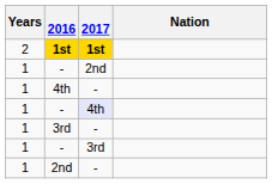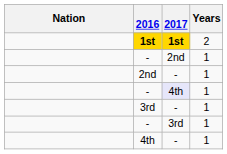 <table class="wikitable" style="text-align:center; font-size:90%">
 <tr>
-<th>Years</th>
+<th width=170>Nation</th>
 <th><br><a href='#'>2016</a></th>
 <th><br><a href='#'>2017</a></th>
-<th width=170>Nation</th>
+<th>Years</th>
 </tr>
 <tr>
-<td>2</td>
+<td align=left></td>
 <td bgcolor=gold><strong>1st</strong></td>
 <td bgcolor=gold><strong>1st</strong></td>
-<td align=left></td>
+<td>2</td>
 </tr>
 <tr>
-<td>1</td>
+<td align=left></td>
 <td>-</td>
 <td>2nd</td>
-<td align=left></td>
+<td>1</td>
 </tr>
 <tr>
+<td align=left></td>
+<td>2nd</td>
+<td>-</td>
 <td>1</td>
+</tr>
+<tr>
+<td align=left></td>
+<td>-</td>
+<td style="background: lavender;">4th</td>
+<td>1</td>
+</tr>
+<tr>
+<td align=left></td>
+<td>3rd</td>
+<td>-</td>
+<td>1</td>
+</tr>
+<tr>
+<td align=left></td>
+<td>-</td>
+<td>3rd</td>
+<td>1</td>
+</tr>
+<tr>
+<td align=left></td>
 <td>4th</td>
 <td>-</td>
-<td align=left></td>
-</tr>
-<tr>
 <td>1</td>
-<td>-</td>
-<td style="background: lavender;">4th</td>
-<td align=left></td>
-</tr>
-<tr>
-<td>1</td>
-<td>3rd</td>
-<td>-</td>
-<td align=left></td>
-</tr>
-<tr>
-<td>1</td>
-<td>-</td>
-<td>3rd</td>
-<td align=left></td>
-</tr>
-<tr>
-<td>1</td>
-<td>2nd</td>
-<td>-</td>
-<td align=left></td>
 </tr>
 </table>
